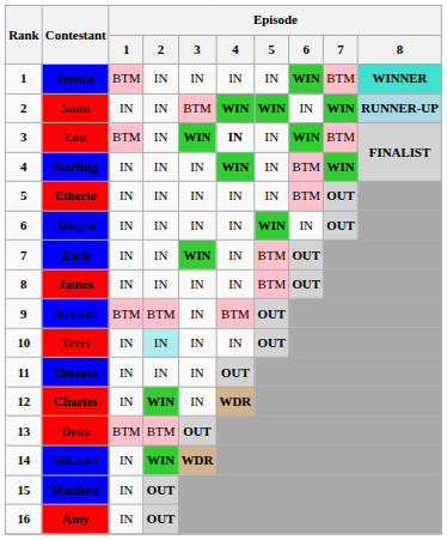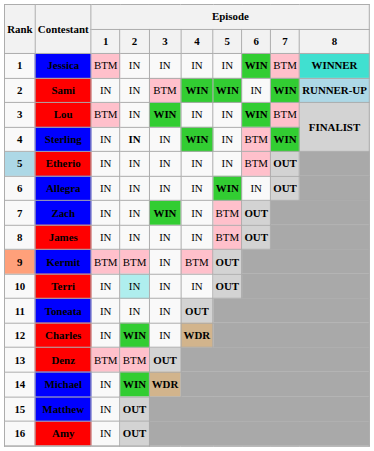 <table class="wikitable" style="text-align: center; font-size: 8.5pt; line-height:20px;">
 <tr>
 <th rowspan="2">Rank</th>
 <th rowspan="2">Contestant</th>
 <th colspan=8>Episode</th>
 </tr>
 <tr>
 <th>1</th>
 <th>2</th>
 <th>3</th>
 <th>4</th>
 <th>5</th>
 <th>6</th>
 <th>7</th>
 <th>8</th>
 </tr>
 <tr>
 <td><strong>1</strong></td>
 <td style="background:blue"><span><strong>Jessica</strong></span></td>
 <td style="background:pink;">BTM</td>
 <td>IN</td>
 <td>IN</td>
 <td>IN</td>
 <td>IN</td>
 <td style="background:limegreen;"><strong>WIN</strong></td>
 <td style="background:pink;">BTM</td>
 <td style="background:turquoise"><strong>WINNER</strong></td>
 </tr>
 <tr>
 <td><strong>2</strong></td>
 <td style="background:red"><span><strong>Sami</strong></span></td>
 <td>IN</td>
 <td>IN</td>
 <td style="background:pink;">BTM</td>
 <td style="background:limegreen;"><strong>WIN</strong></td>
 <td style="background:limegreen;"><strong>WIN</strong></td>
 <td>IN</td>
 <td style="background:limegreen;"><strong>WIN</strong></td>
 <td style="background:lightblue"><strong>RUNNER-UP</strong></td>
 </tr>
 <tr>
 <td><strong>3</strong></td>
 <td style="background:red"><span><strong>Lou</strong></span></td>
 <td style="background:pink;">BTM</td>
 <td>IN</td>
 <td style="background:limegreen;"><strong>WIN</strong></td>
-<td><strong>IN</strong></td>
+<td>IN</td>
 <td>IN</td>
 <td style="background:limegreen;"><strong>WIN</strong></td>
 <td style="background:pink;">BTM</td>
 <td rowspan="2" style="background:lightgray;"><strong>FINALIST</strong></td>
 </tr>
 <tr>
 <td><strong>4</strong></td>
 <td style="background:blue"><span><strong>Sterling</strong></span></td>
 <td>IN</td>
-<td>IN</td>
+<td><strong>IN</strong></td>
 <td>IN</td>
 <td style="background:limegreen;"><strong>WIN</strong></td>
 <td>IN</td>
 <td style="background:pink;">BTM</td>
 <td style="background:limegreen;"><strong>WIN</strong></td>
 </tr>
 <tr>
-<td><strong>5</strong></td>
+<td style="background: lightblue;"><strong>5</strong></td>
 <td style="background:red"><span><strong>Etherio</strong></span></td>
 <td>IN</td>
 <td>IN</td>
 <td>IN</td>
 <td>IN</td>
 <td>IN</td>
 <td style="background:pink;">BTM</td>
 <td style="background:lightgray;"><strong>OUT</strong></td>
 <td colspan="1" style="background:darkgrey;"></td>
 </tr>
 <tr>
 <td><strong>6</strong></td>
 <td style="background:blue"><span><strong>Allegra</strong></span></td>
 <td>IN</td>
 <td>IN</td>
 <td>IN</td>
 <td>IN</td>
 <td style="background:limegreen;"><strong>WIN</strong></td>
 <td>IN</td>
 <td style="background:lightgray;"><strong>OUT</strong></td>
 <td colspan="1" style="background:darkgrey;"></td>
 </tr>
 <tr>
 <td><strong>7</strong></td>
 <td style="background:blue"><span><strong>Zach</strong></span></td>
 <td>IN</td>
 <td>IN</td>
 <td style="background:limegreen;"><strong>WIN</strong></td>
 <td>IN</td>
 <td style="background:pink;">BTM</td>
 <td style="background:lightgray;"><strong>OUT</strong></td>
 <td colspan="2" style="background:darkgrey;"></td>
 </tr>
 <tr>
 <td><strong>8</strong></td>
 <td style="background:red"><span><strong>James</strong></span></td>
 <td>IN</td>
 <td>IN</td>
 <td>IN</td>
 <td>IN</td>
 <td style="background:pink;">BTM</td>
 <td style="background:lightgray;"><strong>OUT</strong></td>
 <td colspan="2" style="background:darkgrey;"></td>
 </tr>
 <tr>
-<td><strong>9</strong></td>
+<td style="background: lightsalmon;"><strong>9</strong></td>
 <td style="background:blue"><span><strong>Kermit</strong></span></td>
 <td style="background:pink;">BTM</td>
 <td style="background:pink;">BTM</td>
 <td>IN</td>
 <td style="background:pink;">BTM</td>
 <td style="background:lightgray;"><strong>OUT</strong></td>
 <td colspan="4" style="background:darkgrey;"></td>
 </tr>
 <tr>
 <td><strong>10</strong></td>
 <td style="background:red"><span><strong>Terri</strong></span></td>
 <td>IN</td>
 <td style="background: paleturquoise;">IN</td>
 <td>IN</td>
 <td>IN</td>
 <td style="background:lightgray;"><strong>OUT</strong></td>
 <td colspan="4" style="background:darkgrey;"></td>
 </tr>
 <tr>
 <td><strong>11</strong></td>
 <td style="background:blue"><span><strong>Toneata</strong></span></td>
 <td>IN</td>
 <td>IN</td>
 <td>IN</td>
 <td style="background:lightgray;"><strong>OUT</strong></td>
 <td colspan="6" style="background:darkgrey;"></td>
 </tr>
 <tr>
 <td><strong>12</strong></td>
 <td style="background:red"><span><strong>Charles</strong></span></td>
 <td>IN</td>
 <td style="background:limegreen;"><strong>WIN</strong></td>
 <td>IN</td>
 <td style="background:tan;"><strong>WDR</strong></td>
 <td colspan="6" style="background:darkgrey;"></td>
 </tr>
 <tr>
 <td><strong>13</strong></td>
 <td style="background:red"><span><strong>Denz</strong></span></td>
 <td style="background:pink;">BTM</td>
 <td style="background:pink;">BTM</td>
 <td style="background:lightgray;"><strong>OUT</strong></td>
 <td colspan="8" style="background:darkgrey;"></td>
 </tr>
 <tr>
 <td><strong>14</strong></td>
 <td style="background:blue"><span><strong>Michael</strong></span></td>
 <td>IN</td>
 <td style="background:limegreen;"><strong>WIN</strong></td>
 <td style="background:tan;"><strong>WDR</strong></td>
 <td colspan="8" style="background:darkgrey;"></td>
 </tr>
 <tr>
 <td><strong>15</strong></td>
 <td style="background:blue"><span><strong>Matthew</strong></span></td>
 <td>IN</td>
 <td style="background:lightgray;"><strong>OUT</strong></td>
 <td colspan="10" style="background:darkgrey;"></td>
 </tr>
 <tr>
 <td><strong>16</strong></td>
 <td style="background:red"><span><strong>Amy</strong></span></td>
 <td>IN</td>
 <td style="background:lightgray;"><strong>OUT</strong></td>
 <td colspan="10" style="background:darkgrey;"></td>
 </tr>
 <tr>
 </tr>
 </table>
